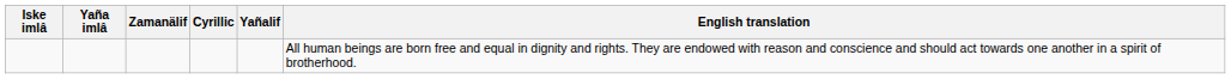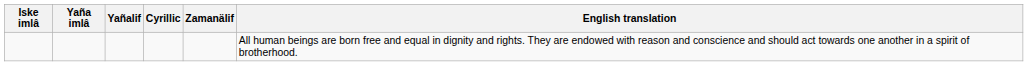 <table class="wikitable">
 <tr>
 <th>Iske imlâ</th>
 <th>Yaña imlâ</th>
+<th>Yañalif</th>
+<th>Cyrillic</th>
 <th>Zamanälif</th>
-<th>Cyrillic</th>
-<th>Yañalif</th>
 <th>English translation</th>
 </tr>
 <tr>
 <td></td>
 <td></td>
 <td></td>
 <td></td>
 <td></td>
 <td>All human beings are born free and equal in dignity and rights. They are endowed with reason and conscience and should act towards one another in a spirit of brotherhood.</td>
 </tr>
 </table>
